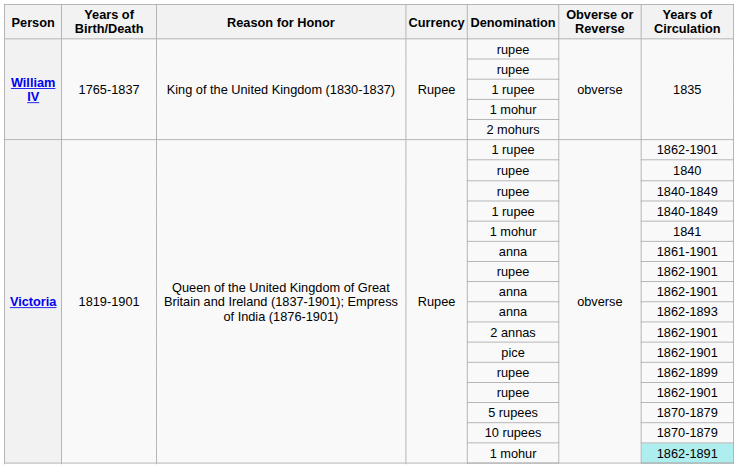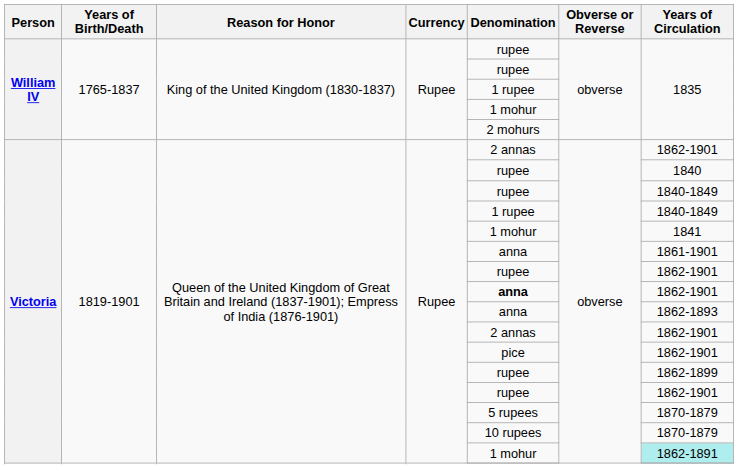 <table class="wikitable" style="font-size:95%; text-align:center;">
 <tr>
 <th>Person</th>
 <th>Years of Birth/Death</th>
 <th>Reason for Honor</th>
 <th>Currency</th>
 <th>Denomination</th>
 <th>Obverse or Reverse</th>
 <th>Years of Circulation</th>
 </tr>
 <tr>
 <th rowspan="5"><a href='#'>William IV</a></th>
 <td rowspan="5">1765-1837</td>
 <td rowspan="5">King of the United Kingdom (1830-1837)</td>
 <td rowspan="5">Rupee</td>
 <td> rupee</td>
 <td rowspan="5">obverse</td>
 <td rowspan="5">1835</td>
 </tr>
 <tr>
 <td> rupee</td>
 </tr>
 <tr>
 <td>1 rupee</td>
 </tr>
 <tr>
 <td>1 mohur</td>
 </tr>
 <tr>
 <td>2 mohurs</td>
 </tr>
 <tr>
 <th rowspan="34"><a href='#'>Victoria</a></th>
 <td rowspan="34">1819-1901</td>
 <td rowspan="34">Queen of the United Kingdom of Great Britain and Ireland (1837-1901); Empress of India (1876-1901)</td>
 <td rowspan="34">Rupee</td>
-<td>1 rupee</td>
+<td>2 annas</td>
 <td rowspan="34">obverse</td>
 <td>1862-1901</td>
 </tr>
 <tr>
 <td> rupee</td>
 <td>1840</td>
 </tr>
 <tr>
 <td> rupee</td>
 <td>1840-1849</td>
 </tr>
 <tr>
 <td>1 rupee</td>
 <td>1840-1849</td>
 </tr>
 <tr>
 <td>1 mohur</td>
 <td>1841</td>
 </tr>
 <tr>
 <td> anna</td>
 <td>1861-1901</td>
 </tr>
 <tr>
 <td> rupee</td>
 <td>1862-1901</td>
 </tr>
 <tr>
-<td> anna</td>
+<td><strong> anna</strong></td>
 <td>1862-1901</td>
 </tr>
 <tr>
 <td> anna</td>
 <td>1862-1893</td>
 </tr>
 <tr>
 <td>2 annas</td>
 <td>1862-1901</td>
 </tr>
 <tr>
 <td> pice</td>
 <td>1862-1901</td>
 </tr>
 <tr>
 <td> rupee</td>
 <td>1862-1899</td>
 </tr>
 <tr>
 <td> rupee</td>
 <td>1862-1901</td>
 </tr>
 <tr>
 <td>5 rupees</td>
 <td>1870-1879</td>
 </tr>
 <tr>
 <td>10 rupees</td>
 <td>1870-1879</td>
 </tr>
 <tr>
 <td>1 mohur</td>
 <td style="background: paleturquoise;">1862-1891</td>
 </tr>
 <tr>
 </tr>
 </table>
